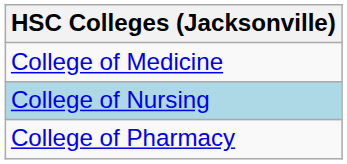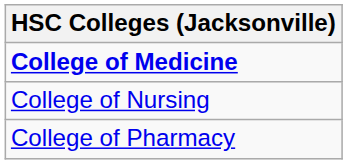 <table class="wikitable" style="float:center; margin:9px; border:1px solid;">
 <tr>
 <th colspan="20" bgcolor="blue">HSC Colleges (Jacksonville)</th>
 </tr>
 <tr>
-<td><a href='#'>College of Medicine</a></td>
+<td><strong><a href='#'>College of Medicine</a></strong></td>
 </tr>
 <tr>
-<td style="background: lightblue;"><a href='#'>College of Nursing</a></td>
+<td><a href='#'>College of Nursing</a></td>
 </tr>
 <tr>
 <td><a href='#'>College of Pharmacy</a></td>
 </tr>
 </table>
